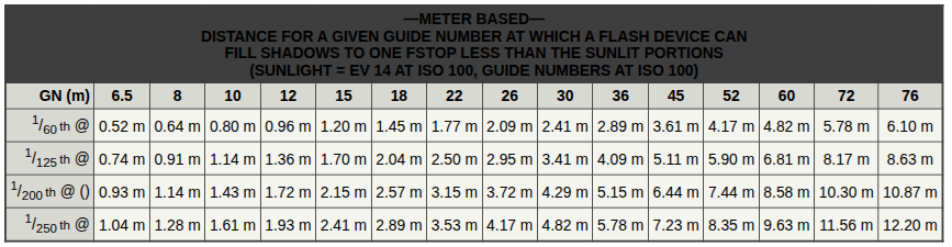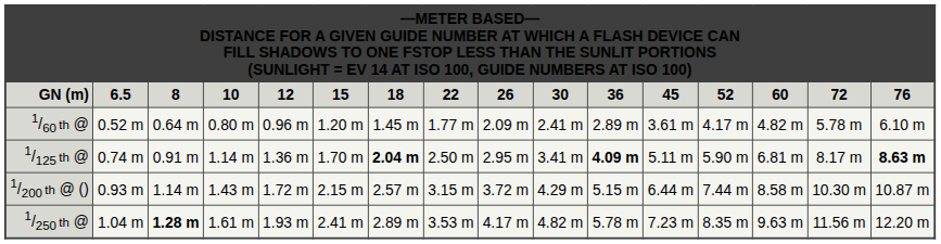 <table border="1" cellpadding="4" cellspacing="0" style="margin: 1em 1em 1em 0; background: #f5f5f0; border: 2px #3E3E3E solid; border-collapse: collapse; font-size: 95%;">
 <tr>
 <th colspan="16" style="background:#3E3E3E; text-align:center"><span>—METER BASED—<br>DISTANCE FOR A GIVEN GUIDE NUMBER AT WHICH A FLASH DEVICE CAN<br>FILL SHADOWS TO ONE FSTOP LESS THAN THE SUNLIT PORTIONS<br>(SUNLIGHT = EV 14 AT ISO 100, GUIDE NUMBERS AT ISO 100)</span></th>
 </tr>
 <tr>
 <td style="background:#d9d9d3; text-align:right"><strong>GN (m)</strong></td>
 <td style="background:#d9d9d3; text-align:center"><strong>6.5</strong></td>
 <td style="background:#d9d9d3; text-align:center"><strong>8</strong></td>
 <td style="background:#d9d9d3; text-align:center"><strong>10</strong></td>
 <td style="background:#d9d9d3; text-align:center"><strong>12</strong></td>
 <td style="background:#d9d9d3; text-align:center"><strong>15</strong></td>
 <td style="background:#d9d9d3; text-align:center"><strong>18</strong></td>
 <td style="background:#d9d9d3; text-align:center"><strong>22</strong></td>
 <td style="background:#d9d9d3; text-align:center"><strong>26</strong></td>
 <td style="background:#d9d9d3; text-align:center"><strong>30</strong></td>
 <td style="background:#d9d9d3; text-align:center"><strong>36</strong></td>
 <td style="background:#d9d9d3; text-align:center"><strong>45</strong></td>
 <td style="background:#d9d9d3; text-align:center"><strong>52</strong></td>
 <td style="background:#d9d9d3; text-align:center"><strong>60</strong></td>
 <td style="background:#d9d9d3; text-align:center"><strong>72</strong></td>
 <td style="background:#d9d9d3; text-align:center"><strong>76</strong></td>
 </tr>
 <tr>
 <td style="background:#d9d9d3; text-align:right"><sup>1</sup>/<sub>60</sub><small> th</small> @ </td>
 <td style="text-align:center">0.52 m</td>
 <td style="text-align:center">0.64 m</td>
 <td style="text-align:center">0.80 m</td>
 <td style="text-align:center">0.96 m</td>
 <td style="text-align:center">1.20 m</td>
 <td style="text-align:center">1.45 m</td>
 <td style="text-align:center">1.77 m</td>
 <td style="text-align:center">2.09 m</td>
 <td style="text-align:center">2.41 m</td>
 <td style="text-align:center">2.89 m</td>
 <td style="text-align:center">3.61 m</td>
 <td style="text-align:center">4.17 m</td>
 <td style="text-align:center">4.82 m</td>
 <td style="text-align:center">5.78 m</td>
 <td style="text-align:center">6.10 m</td>
 </tr>
 <tr>
 <td style="background:#d9d9d3; text-align:right"><sup>1</sup>/<sub>125</sub><small> th</small> @ </td>
 <td style="text-align:center">0.74 m</td>
 <td style="text-align:center">0.91 m</td>
 <td style="text-align:center">1.14 m</td>
 <td style="text-align:center">1.36 m</td>
 <td style="text-align:center">1.70 m</td>
-<td style="text-align:center">2.04 m</td>
+<td style="text-align:center"><strong>2.04 m</strong></td>
 <td style="text-align:center">2.50 m</td>
 <td style="text-align:center">2.95 m</td>
 <td style="text-align:center">3.41 m</td>
-<td style="text-align:center">4.09 m</td>
+<td style="text-align:center"><strong>4.09 m</strong></td>
 <td style="text-align:center">5.11 m</td>
 <td style="text-align:center">5.90 m</td>
 <td style="text-align:center">6.81 m</td>
 <td style="text-align:center">8.17 m</td>
-<td style="text-align:center">8.63 m</td>
+<td style="text-align:center"><strong>8.63 m</strong></td>
 </tr>
 <tr>
 <td style="background:#d9d9d3; text-align:right"><sup>1</sup>/<sub>200</sub><small> th</small> @  ()</td>
 <td style="text-align:center">0.93 m</td>
 <td style="text-align:center">1.14 m</td>
 <td style="text-align:center">1.43 m</td>
 <td style="text-align:center">1.72 m</td>
 <td style="text-align:center">2.15 m</td>
 <td style="text-align:center">2.57 m</td>
 <td style="text-align:center">3.15 m</td>
 <td style="text-align:center">3.72 m</td>
 <td style="text-align:center">4.29 m</td>
 <td style="text-align:center">5.15 m</td>
 <td style="text-align:center">6.44 m</td>
 <td style="text-align:center">7.44 m</td>
 <td style="text-align:center">8.58 m</td>
 <td style="text-align:center">10.30 m</td>
 <td style="text-align:center">10.87 m</td>
 </tr>
 <tr>
 <td style="background:#d9d9d3; text-align:right"><sup>1</sup>/<sub>250</sub><small> th</small> @ </td>
 <td style="text-align:center">1.04 m</td>
-<td style="text-align:center">1.28 m</td>
+<td style="text-align:center"><strong>1.28 m</strong></td>
 <td style="text-align:center">1.61 m</td>
 <td style="text-align:center">1.93 m</td>
 <td style="text-align:center">2.41 m</td>
 <td style="text-align:center">2.89 m</td>
 <td style="text-align:center">3.53 m</td>
 <td style="text-align:center">4.17 m</td>
 <td style="text-align:center">4.82 m</td>
 <td style="text-align:center">5.78 m</td>
 <td style="text-align:center">7.23 m</td>
 <td style="text-align:center">8.35 m</td>
 <td style="text-align:center">9.63 m</td>
 <td style="text-align:center">11.56 m</td>
 <td style="text-align:center">12.20 m</td>
 </tr>
 </table>
